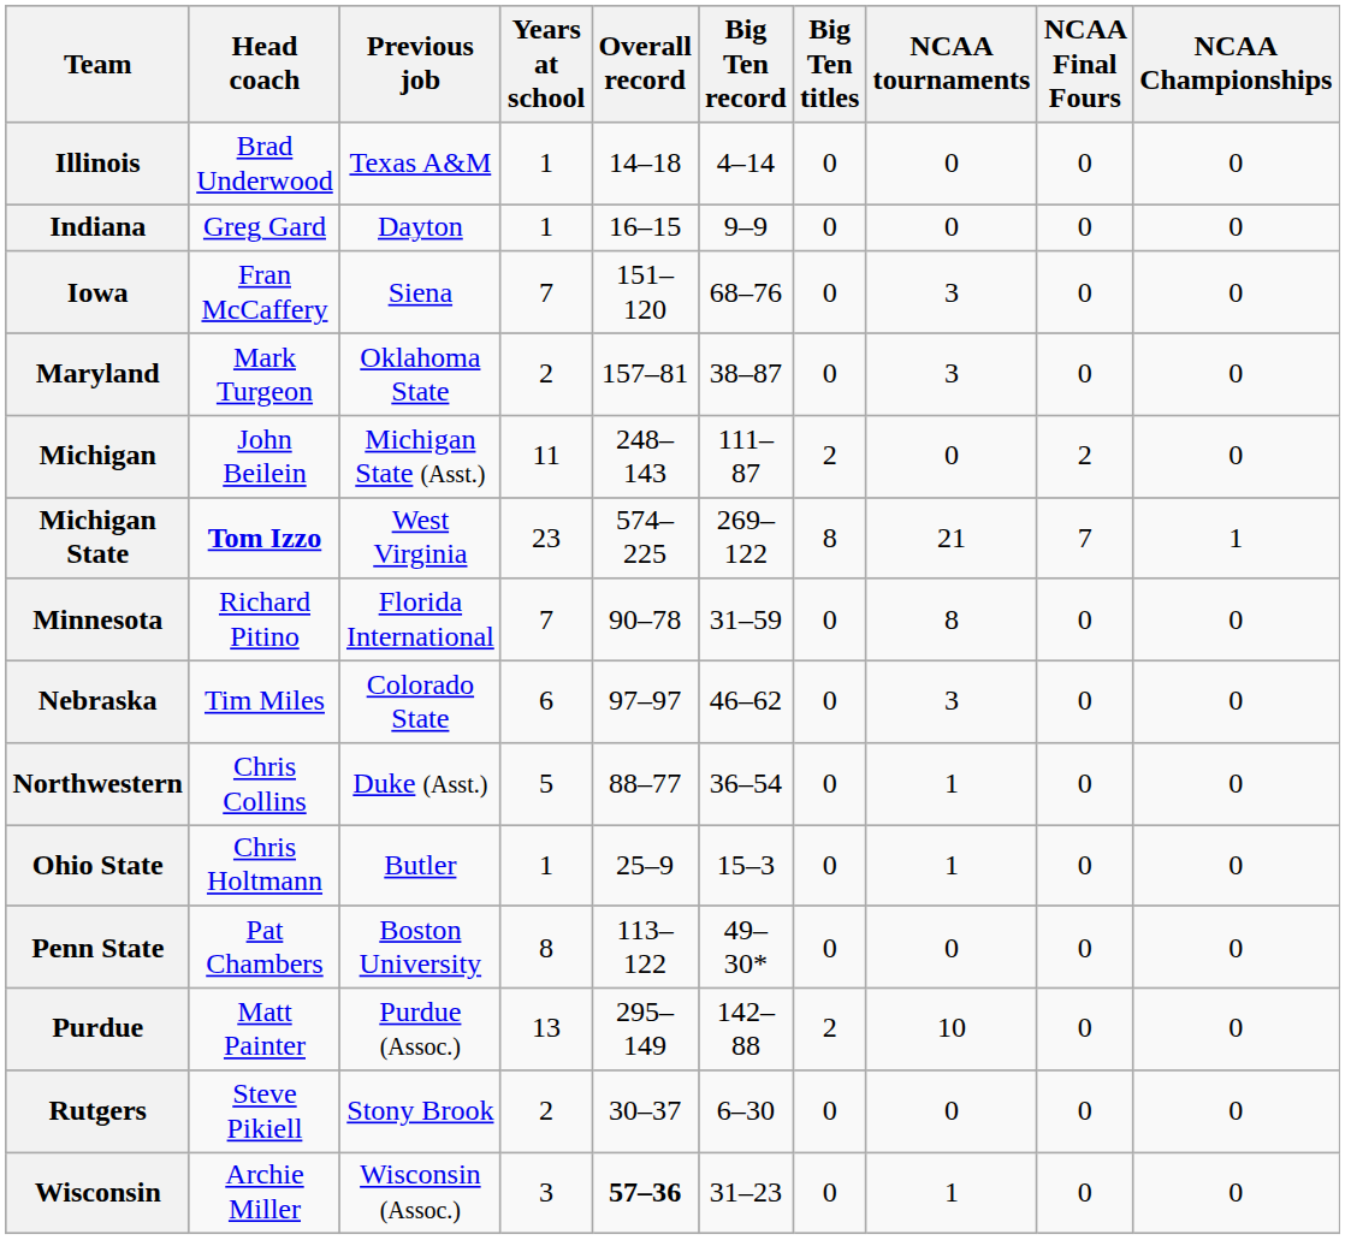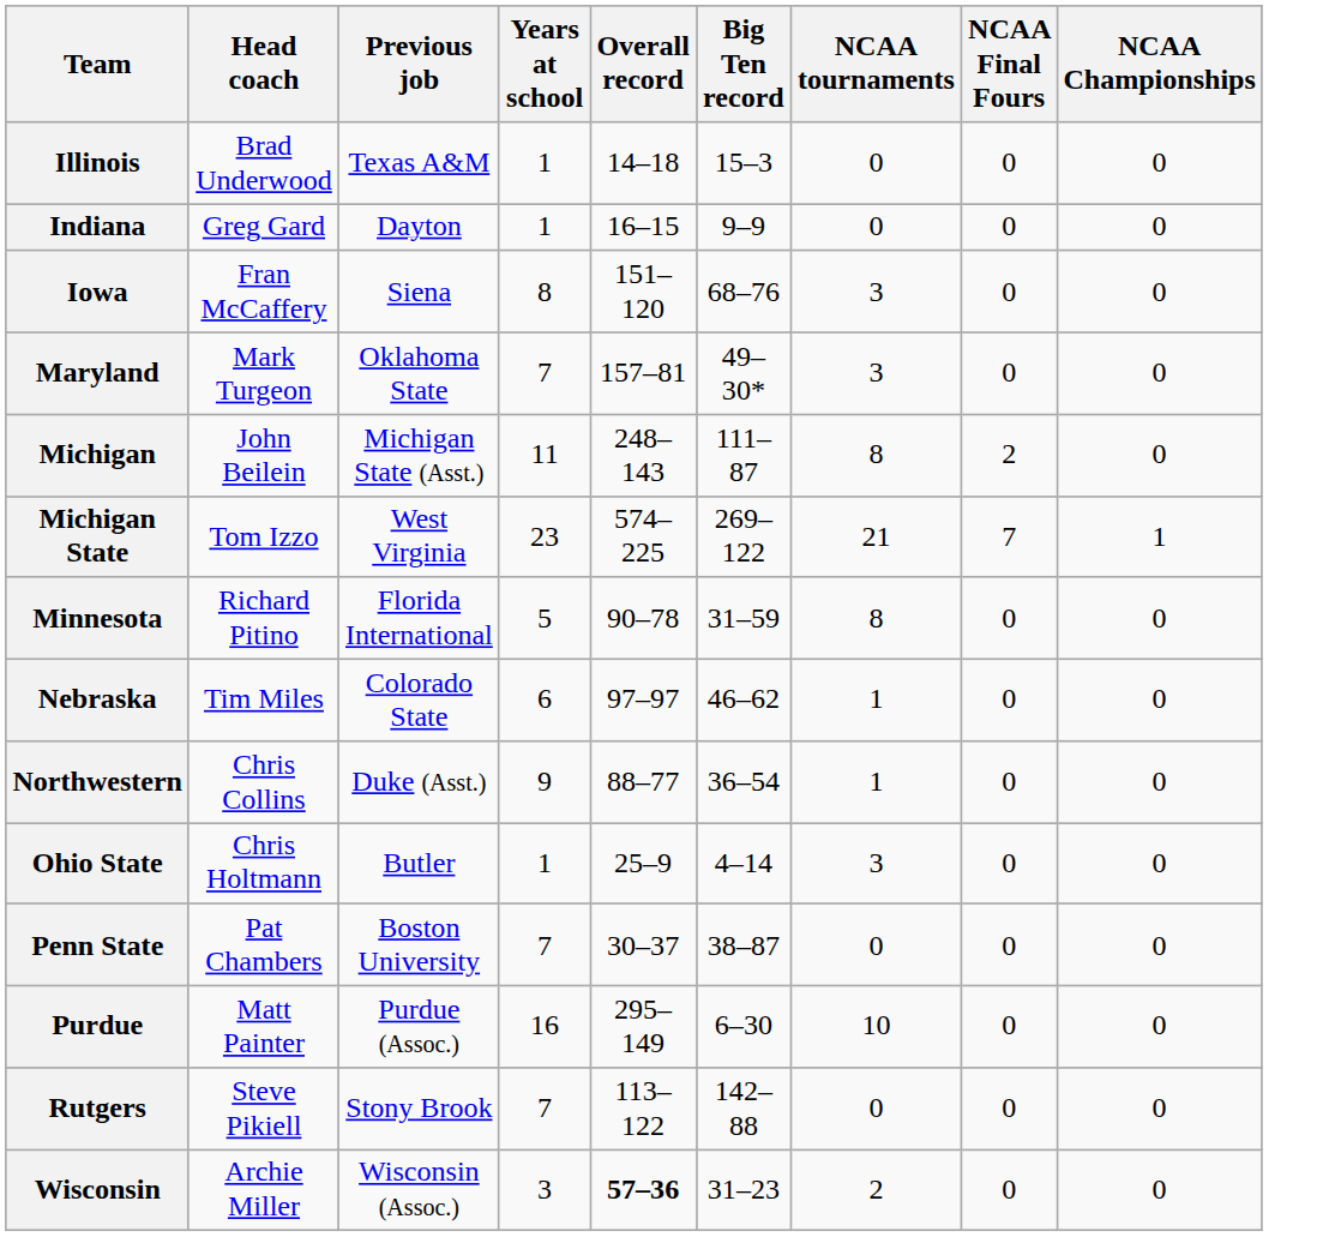 <table class="wikitable sortable" style="text-align: center;font-size:90%;">
 <tr>
 <th width="110">Team</th>
 <th>Head coach</th>
 <th>Previous job</th>
 <th>Years at school</th>
 <th>Overall record</th>
 <th>Big Ten record</th>
-<th>Big Ten titles</th>
 <th>NCAA tournaments</th>
 <th>NCAA Final Fours</th>
 <th>NCAA Championships</th>
 </tr>
 <tr>
 <th>Illinois</th>
 <td><a href='#'>Brad Underwood</a></td>
 <td><a href='#'>Texas A&M</a></td>
 <td>1</td>
 <td>14–18</td>
-<td>4–14</td>
-<td>0</td>
+<td>15–3</td>
 <td>0</td>
 <td>0</td>
 <td>0</td>
 </tr>
 <tr>
 <th style=>Indiana</th>
 <td><a href='#'>Greg Gard</a></td>
 <td><a href='#'>Dayton</a></td>
 <td>1</td>
 <td>16–15</td>
 <td>9–9</td>
 <td>0</td>
 <td>0</td>
 <td>0</td>
-<td>0</td>
 </tr>
 <tr>
 <th style=>Iowa</th>
 <td><a href='#'>Fran McCaffery</a></td>
 <td><a href='#'>Siena</a></td>
-<td>7</td>
+<td>8</td>
 <td>151–120</td>
 <td>68–76</td>
-<td>0</td>
 <td>3</td>
 <td>0</td>
 <td>0</td>
 </tr>
 <tr>
 <th style=>Maryland</th>
 <td><a href='#'>Mark Turgeon</a></td>
 <td><a href='#'>Oklahoma State</a></td>
-<td>2</td>
+<td>7</td>
 <td>157–81</td>
-<td>38–87</td>
-<td>0</td>
+<td>49–30*</td>
 <td>3</td>
 <td>0</td>
 <td>0</td>
 </tr>
 <tr>
 <th style=>Michigan</th>
 <td><a href='#'>John Beilein</a></td>
 <td><a href='#'>Michigan State</a> <small>(Asst.)</small></td>
 <td>11</td>
 <td>248–143</td>
 <td>111–87</td>
-<td>2</td>
-<td>0</td>
+<td>8</td>
 <td>2</td>
 <td>0</td>
 </tr>
 <tr>
 <th style=>Michigan State</th>
-<td><strong><a href='#'>Tom Izzo</a></strong></td>
+<td><a href='#'>Tom Izzo</a></td>
 <td><a href='#'>West Virginia</a></td>
 <td>23</td>
 <td>574–225</td>
 <td>269–122</td>
-<td>8</td>
 <td>21</td>
 <td>7</td>
 <td>1</td>
 </tr>
 <tr>
 <th style=>Minnesota</th>
 <td><a href='#'>Richard Pitino</a></td>
 <td><a href='#'>Florida International</a></td>
-<td>7</td>
+<td>5</td>
 <td>90–78</td>
 <td>31–59</td>
-<td>0</td>
 <td>8</td>
 <td>0</td>
 <td>0</td>
 </tr>
 <tr>
 <th style=>Nebraska</th>
 <td><a href='#'>Tim Miles</a></td>
 <td><a href='#'>Colorado State</a></td>
 <td>6</td>
 <td>97–97</td>
 <td>46–62</td>
-<td>0</td>
-<td>3</td>
+<td>1</td>
 <td>0</td>
 <td>0</td>
 </tr>
 <tr>
 <th style=>Northwestern</th>
 <td><a href='#'>Chris Collins</a></td>
 <td><a href='#'>Duke</a> <small>(Asst.)</small></td>
-<td>5</td>
+<td>9</td>
 <td>88–77</td>
 <td>36–54</td>
-<td>0</td>
 <td>1</td>
 <td>0</td>
 <td>0</td>
 </tr>
 <tr>
 <th style=>Ohio State</th>
 <td><a href='#'>Chris Holtmann</a></td>
 <td><a href='#'>Butler</a></td>
 <td>1</td>
 <td>25–9</td>
-<td>15–3</td>
-<td>0</td>
-<td>1</td>
+<td>4–14</td>
+<td>3</td>
 <td>0</td>
 <td>0</td>
 </tr>
 <tr>
 <th style=>Penn State</th>
 <td><a href='#'>Pat Chambers</a></td>
 <td><a href='#'>Boston University</a></td>
-<td>8</td>
-<td>113–122</td>
-<td>49–30*</td>
-<td>0</td>
+<td>7</td>
+<td>30–37</td>
+<td>38–87</td>
 <td>0</td>
 <td>0</td>
 <td>0</td>
 </tr>
 <tr>
 <th style=>Purdue</th>
 <td><a href='#'>Matt Painter</a></td>
 <td><a href='#'>Purdue</a> <small>(Assoc.)</small></td>
-<td>13</td>
+<td>16</td>
 <td>295–149</td>
-<td>142–88</td>
-<td>2</td>
+<td>6–30</td>
 <td>10</td>
 <td>0</td>
 <td>0</td>
 </tr>
 <tr>
 <th style=>Rutgers</th>
 <td><a href='#'>Steve Pikiell</a></td>
 <td><a href='#'>Stony Brook</a></td>
-<td>2</td>
-<td>30–37</td>
-<td>6–30</td>
-<td>0</td>
+<td>7</td>
+<td>113–122</td>
+<td>142–88</td>
 <td>0</td>
 <td>0</td>
 <td>0</td>
 </tr>
 <tr>
 <th style=>Wisconsin</th>
 <td><a href='#'>Archie Miller</a></td>
 <td><a href='#'>Wisconsin</a> <small>(Assoc.)</small></td>
 <td>3</td>
 <td><strong>57–36</strong></td>
 <td>31–23</td>
-<td>0</td>
-<td>1</td>
+<td>2</td>
 <td>0</td>
 <td>0</td>
 </tr>
 </table>
